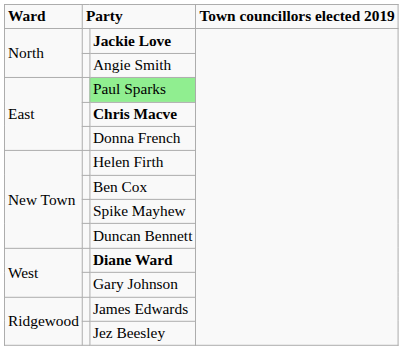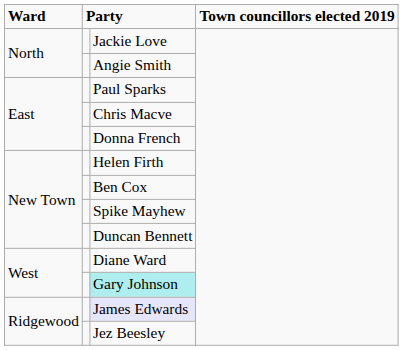 <table class="wikitable">
 <tr>
 <td><strong>Ward</strong></td>
 <td colspan=2><strong>Party</strong></td>
 <td><strong>Town councillors elected 2019</strong></td>
 </tr>
 <tr>
 <td rowspan="2">North</td>
 <td></td>
-<td><strong>Jackie Love</strong></td>
+<td>Jackie Love</td>
 </tr>
 <tr>
 <td></td>
 <td>Angie Smith</td>
 </tr>
 <tr>
 <td rowspan="3">East</td>
 <td></td>
-<td style="background: lightgreen;">Paul Sparks</td>
+<td>Paul Sparks</td>
 </tr>
 <tr>
 <td></td>
-<td><strong>Chris Macve</strong></td>
+<td>Chris Macve</td>
 </tr>
 <tr>
 <td></td>
 <td>Donna French</td>
 </tr>
 <tr>
 <td rowspan="4">New Town</td>
 <td></td>
 <td>Helen Firth</td>
 </tr>
 <tr>
 <td></td>
 <td>Ben Cox</td>
 </tr>
 <tr>
 <td></td>
 <td>Spike Mayhew</td>
 </tr>
 <tr>
 <td></td>
 <td>Duncan Bennett</td>
 </tr>
 <tr>
 <td rowspan="2">West</td>
 <td></td>
-<td><strong>Diane Ward</strong></td>
+<td>Diane Ward</td>
 </tr>
 <tr>
 <td></td>
-<td>Gary Johnson</td>
+<td style="background: paleturquoise;">Gary Johnson</td>
 </tr>
 <tr>
 <td rowspan="2">Ridgewood</td>
 <td></td>
-<td>James Edwards</td>
+<td style="background: lavender;">James Edwards</td>
 </tr>
 <tr>
 <td></td>
 <td>Jez Beesley</td>
 </tr>
 </table>
